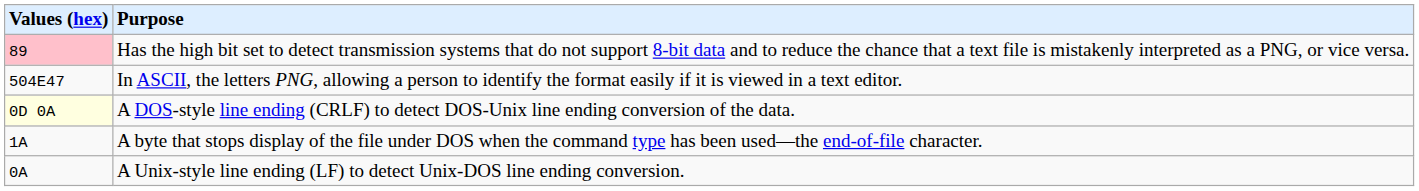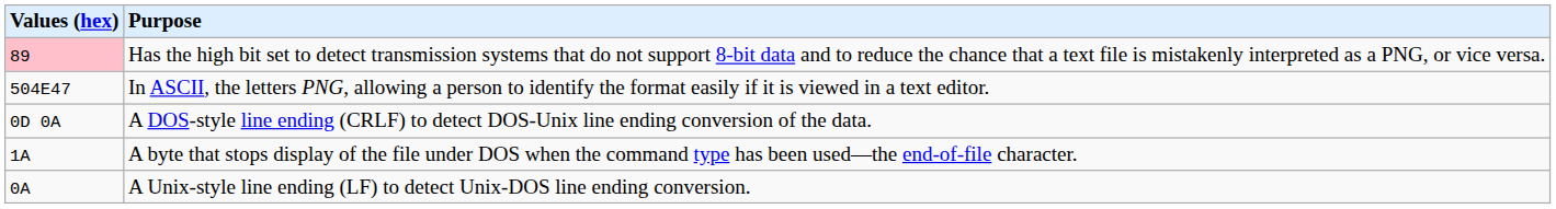 <table class=wikitable>
 <tr>
 <th style="text-align:left; background:#def;">Values (<a href='#'>hex</a>)</th>
 <th style="text-align:left; background:#def;">Purpose</th>
 </tr>
 <tr>
 <td style="background: pink;"><code>89</code></td>
 <td>Has the high bit set to detect transmission systems that do not support <a href='#'>8-bit data</a> and to reduce the chance that a text file is mistakenly interpreted as a PNG, or vice versa.</td>
 </tr>
 <tr>
 <td><code>504E47</code></td>
 <td>In <a href='#'>ASCII</a>, the letters <em>PNG</em>, allowing a person to identify the format easily if it is viewed in a text editor.</td>
 </tr>
 <tr>
-<td style="background: lightyellow;"><code>0D 0A</code></td>
+<td><code>0D 0A</code></td>
 <td>A <a href='#'>DOS</a>-style <a href='#'>line ending</a> (CRLF) to detect DOS-Unix line ending conversion of the data.</td>
 </tr>
 <tr>
 <td><code>1A</code></td>
 <td>A byte that stops display of the file under DOS when the command <a href='#'>type</a> has been used—the <a href='#'>end-of-file</a> character.</td>
 </tr>
 <tr>
 <td><code>0A</code></td>
 <td>A Unix-style line ending (LF) to detect Unix-DOS line ending conversion.</td>
 </tr>
 </table>
